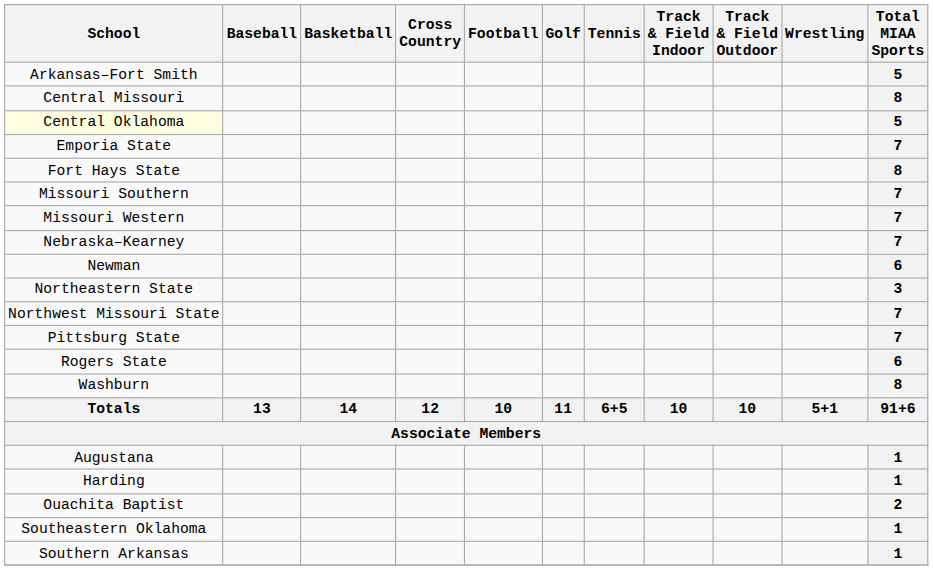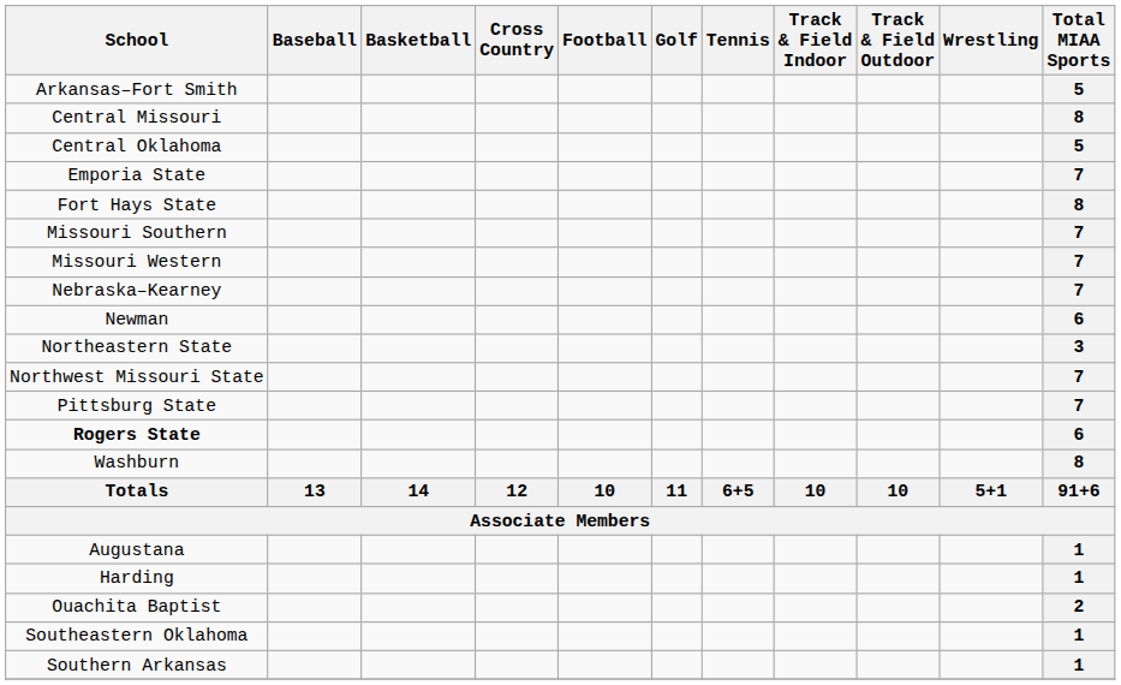 <table class="wikitable" style="text-align:center">
 <tr>
 <th>School</th>
 <th>Baseball</th>
 <th>Basketball</th>
 <th>Cross<br>Country</th>
 <th>Football</th>
 <th>Golf</th>
 <th>Tennis</th>
 <th>Track<br>& Field<br>Indoor</th>
 <th>Track<br>& Field<br>Outdoor</th>
 <th>Wrestling</th>
 <th>Total<br>MIAA<br>Sports</th>
 </tr>
 <tr>
 <td>Arkansas–Fort Smith</td>
 <td></td>
 <td></td>
 <td></td>
 <td></td>
 <td></td>
 <td></td>
 <td></td>
 <td></td>
 <td></td>
 <th>5</th>
 </tr>
 <tr>
 <td>Central Missouri</td>
 <td></td>
 <td></td>
 <td></td>
 <td></td>
 <td></td>
 <td></td>
 <td></td>
 <td></td>
 <td></td>
 <th>8</th>
 </tr>
 <tr>
-<td style="background: lightyellow;">Central Oklahoma</td>
+<td>Central Oklahoma</td>
 <td></td>
 <td></td>
 <td></td>
 <td></td>
 <td></td>
 <td></td>
 <td></td>
 <td></td>
 <td></td>
 <th>5</th>
 </tr>
 <tr>
 <td>Emporia State</td>
 <td></td>
 <td></td>
 <td></td>
 <td></td>
 <td></td>
 <td></td>
 <td></td>
 <td></td>
 <td></td>
 <th>7</th>
 </tr>
 <tr>
 <td>Fort Hays State</td>
 <td></td>
 <td></td>
 <td></td>
 <td></td>
 <td></td>
 <td></td>
 <td></td>
 <td></td>
 <td></td>
 <th>8</th>
 </tr>
 <tr>
 <td>Missouri Southern</td>
 <td></td>
 <td></td>
 <td></td>
 <td></td>
 <td></td>
 <td></td>
 <td></td>
 <td></td>
 <td></td>
 <th>7</th>
 </tr>
 <tr>
 <td>Missouri Western</td>
 <td></td>
 <td></td>
 <td></td>
 <td></td>
 <td></td>
 <td></td>
 <td></td>
 <td></td>
 <td></td>
 <th>7</th>
 </tr>
 <tr>
 <td>Nebraska–Kearney</td>
 <td></td>
 <td></td>
 <td></td>
 <td></td>
 <td></td>
 <td></td>
 <td></td>
 <td></td>
 <td></td>
 <th>7</th>
 </tr>
 <tr>
 <td>Newman</td>
 <td></td>
 <td></td>
 <td></td>
 <td></td>
 <td></td>
 <td></td>
 <td></td>
 <td></td>
 <td></td>
 <th>6</th>
 </tr>
 <tr>
 <td>Northeastern State</td>
 <td></td>
 <td></td>
 <td></td>
 <td></td>
 <td></td>
 <td></td>
 <td></td>
 <td></td>
 <td></td>
 <th>3</th>
 </tr>
 <tr>
 <td>Northwest Missouri State</td>
 <td></td>
 <td></td>
 <td></td>
 <td></td>
 <td></td>
 <td></td>
 <td></td>
 <td></td>
 <td></td>
 <th>7</th>
 </tr>
 <tr>
 <td>Pittsburg State</td>
 <td></td>
 <td></td>
 <td></td>
 <td></td>
 <td></td>
 <td></td>
 <td></td>
 <td></td>
 <td></td>
 <th>7</th>
 </tr>
 <tr>
-<td>Rogers State</td>
+<td><strong>Rogers State</strong></td>
 <td></td>
 <td></td>
 <td></td>
 <td></td>
 <td></td>
 <td></td>
 <td></td>
 <td></td>
 <td></td>
 <th>6</th>
 </tr>
 <tr>
 <td>Washburn</td>
 <td></td>
 <td></td>
 <td></td>
 <td></td>
 <td></td>
 <td></td>
 <td></td>
 <td></td>
 <td></td>
 <th>8</th>
 </tr>
 <tr>
 <th>Totals</th>
 <th>13</th>
 <th>14</th>
 <th>12</th>
 <th>10</th>
 <th>11</th>
 <th>6+5</th>
 <th>10</th>
 <th>10</th>
 <th>5+1</th>
 <th>91+6</th>
 </tr>
 <tr>
 <th colspan=14>Associate Members</th>
 </tr>
 <tr>
 <td>Augustana</td>
 <td></td>
 <td></td>
 <td></td>
 <td></td>
 <td></td>
 <td></td>
 <td></td>
 <td></td>
 <td></td>
 <th>1</th>
 </tr>
 <tr>
 <td>Harding</td>
 <td></td>
 <td></td>
 <td></td>
 <td></td>
 <td></td>
 <td></td>
 <td></td>
 <td></td>
 <td></td>
 <th>1</th>
 </tr>
 <tr>
 <td>Ouachita Baptist</td>
 <td></td>
 <td></td>
 <td></td>
 <td></td>
 <td></td>
 <td></td>
 <td></td>
 <td></td>
 <td></td>
 <th>2</th>
 </tr>
 <tr>
 <td>Southeastern Oklahoma</td>
 <td></td>
 <td></td>
 <td></td>
 <td></td>
 <td></td>
 <td></td>
 <td></td>
 <td></td>
 <td></td>
 <th>1</th>
 </tr>
 <tr>
 <td>Southern Arkansas</td>
 <td></td>
 <td></td>
 <td></td>
 <td></td>
 <td></td>
 <td></td>
 <td></td>
 <td></td>
 <td></td>
 <th>1</th>
 </tr>
 <tr>
 </tr>
 </table>
